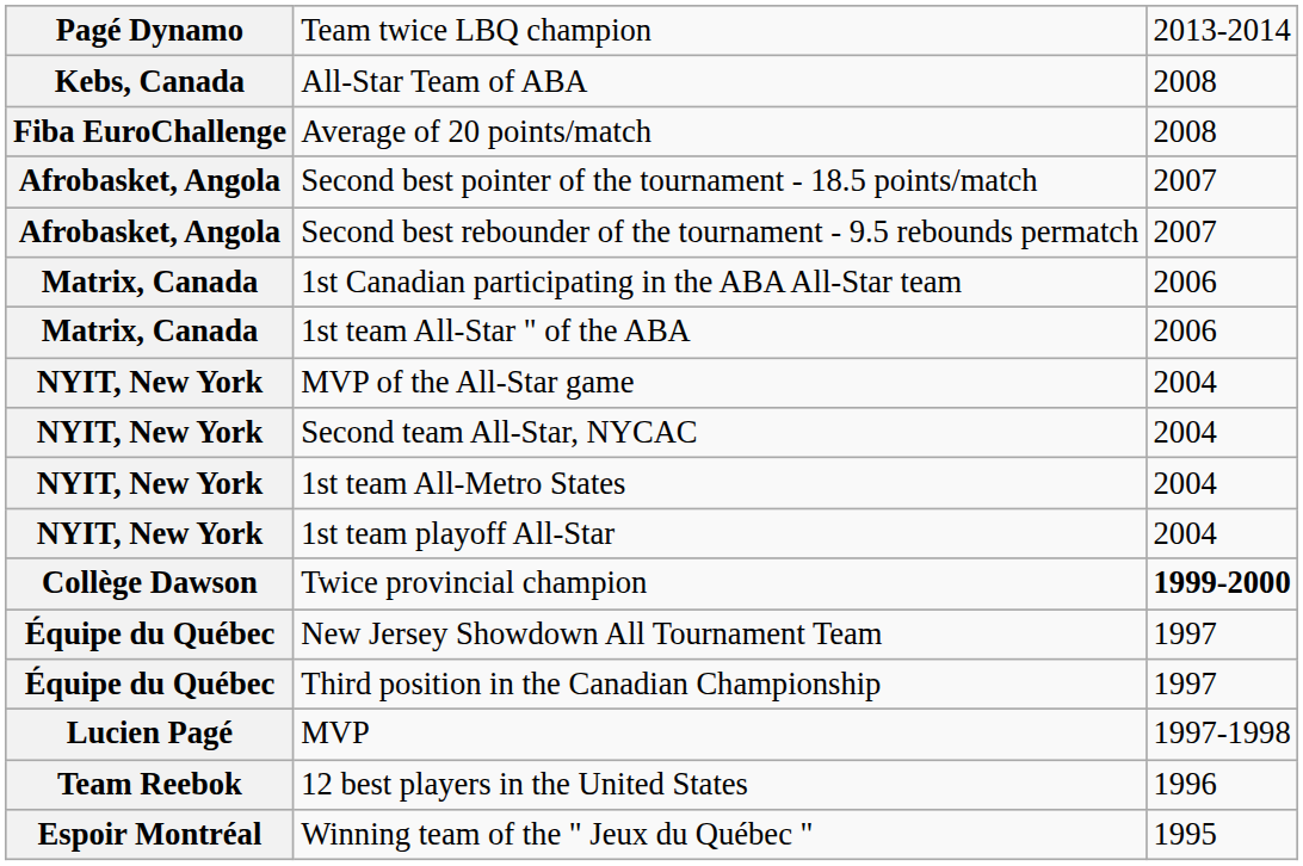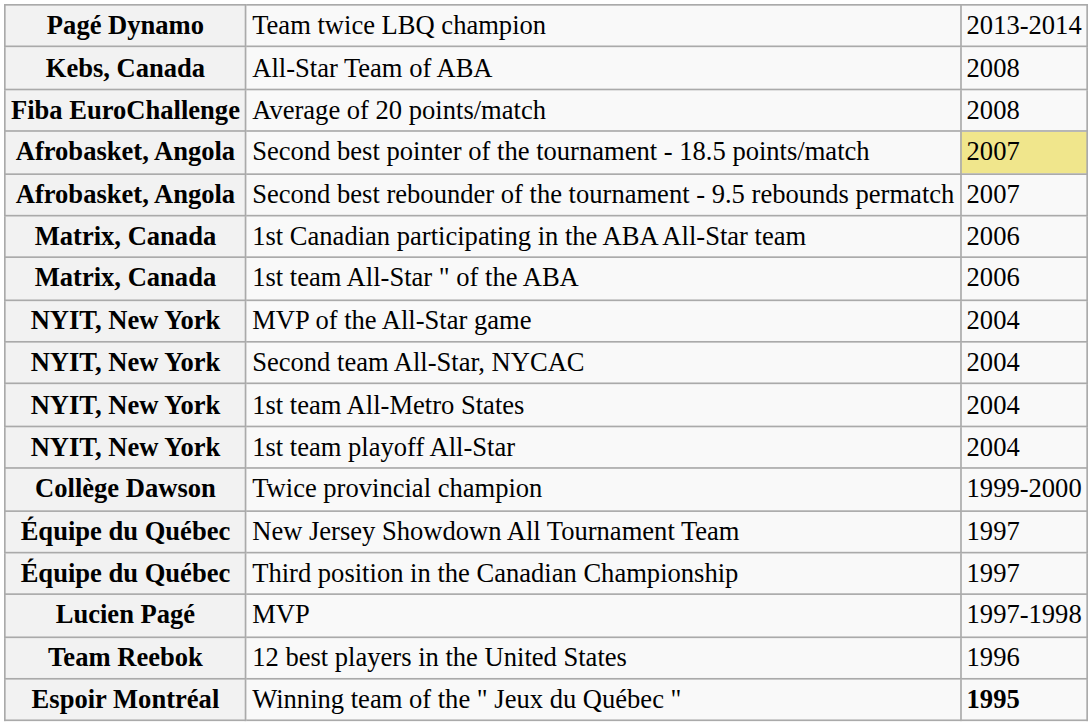 <table class="wikitable alternance">
 <tr>
 <th scope="row">Pagé Dynamo</th>
 <td>Team twice LBQ champion</td>
 <td>2013-2014</td>
 </tr>
 <tr>
 <th scope="row">Kebs, Canada</th>
 <td>All-Star Team of ABA</td>
 <td>2008</td>
 </tr>
 <tr>
 <th scope="row">Fiba EuroChallenge</th>
 <td>Average of 20 points/match</td>
 <td>2008</td>
 </tr>
 <tr>
 <th scope="row">Afrobasket, Angola</th>
 <td>Second best pointer of the tournament - 18.5 points/match</td>
-<td>2007</td>
+<td style="background: khaki;">2007</td>
 </tr>
 <tr>
 <th scope="row">Afrobasket, Angola</th>
 <td>Second best rebounder of the tournament - 9.5 rebounds permatch</td>
 <td>2007</td>
 </tr>
 <tr>
 <th scope="row">Matrix, Canada</th>
 <td>1st Canadian participating in the ABA All-Star team</td>
 <td>2006</td>
 </tr>
 <tr>
 <th scope="row">Matrix, Canada</th>
 <td>1st team All-Star " of the ABA</td>
 <td>2006</td>
 </tr>
 <tr>
 <th scope="row">NYIT, New York</th>
 <td>MVP of the All-Star game</td>
 <td>2004</td>
 </tr>
 <tr>
 <th scope="row">NYIT, New York</th>
 <td>Second team All-Star, NYCAC</td>
 <td>2004</td>
 </tr>
 <tr>
 <th scope="row">NYIT, New York</th>
 <td>1st team All-Metro States</td>
 <td>2004</td>
 </tr>
 <tr>
 <th scope="row">NYIT, New York</th>
 <td>1st team playoff All-Star</td>
 <td>2004</td>
 </tr>
 <tr>
 <th scope="row">Collège Dawson</th>
 <td>Twice provincial champion</td>
-<td><strong>1999-2000</strong></td>
+<td>1999-2000</td>
 </tr>
 <tr>
 <th scope="row">Équipe du Québec</th>
 <td>New Jersey Showdown All Tournament Team</td>
 <td>1997</td>
 </tr>
 <tr>
 <th scope="row">Équipe du Québec</th>
 <td>Third position in the Canadian Championship</td>
 <td>1997</td>
 </tr>
 <tr>
 <th scope="row">Lucien Pagé</th>
 <td>MVP</td>
 <td>1997-1998</td>
 </tr>
 <tr>
 <th scope="row">Team Reebok</th>
 <td>12 best players in the United States</td>
 <td>1996</td>
 </tr>
 <tr>
 <th scope="row">Espoir Montréal</th>
 <td>Winning team of the " Jeux du Québec "</td>
-<td>1995</td>
+<td><strong>1995</strong></td>
 </tr>
 </table>
